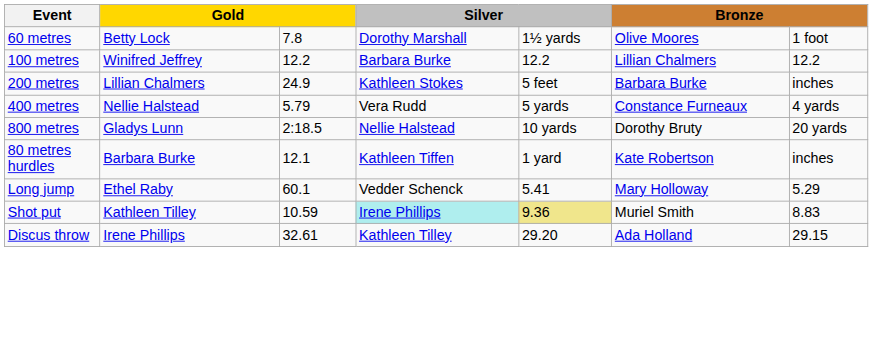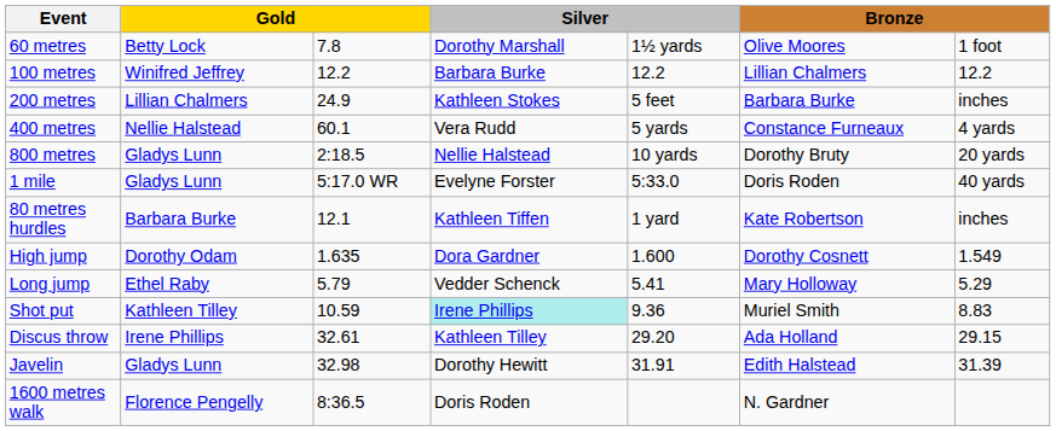 <table class="wikitable" style="text-align:left">
 <tr>
 <th width=100>Event</th>
 <th colspan="2" width="280" style="background:gold;">Gold</th>
 <th colspan="2" width="280" style="background:silver;">Silver</th>
 <th colspan="2" width="280" style="background:#CD7F32;">Bronze</th>
 </tr>
 <tr>
 <td><a href='#'>60 metres</a></td>
 <td><a href='#'>Betty Lock</a></td>
 <td>7.8</td>
 <td><a href='#'>Dorothy Marshall</a></td>
 <td>1½ yards</td>
 <td><a href='#'>Olive Moores</a></td>
 <td>1 foot</td>
 </tr>
 <tr>
 <td><a href='#'>100 metres</a></td>
 <td><a href='#'>Winifred Jeffrey</a></td>
 <td>12.2</td>
 <td> <a href='#'>Barbara Burke</a></td>
 <td>12.2</td>
 <td><a href='#'>Lillian Chalmers</a></td>
 <td>12.2</td>
 </tr>
 <tr>
 <td><a href='#'>200 metres</a></td>
 <td><a href='#'>Lillian Chalmers</a></td>
 <td>24.9</td>
 <td><a href='#'>Kathleen Stokes</a></td>
 <td>5 feet</td>
 <td> <a href='#'>Barbara Burke</a></td>
 <td>inches</td>
 </tr>
 <tr>
 <td><a href='#'>400 metres</a></td>
 <td><a href='#'>Nellie Halstead</a></td>
-<td>5.79</td>
+<td>60.1</td>
 <td>Vera Rudd</td>
 <td>5 yards</td>
 <td><a href='#'>Constance Furneaux</a></td>
 <td>4 yards</td>
 </tr>
 <tr>
 <td><a href='#'>800 metres</a></td>
 <td><a href='#'>Gladys Lunn</a></td>
 <td>2:18.5</td>
 <td><a href='#'>Nellie Halstead</a></td>
 <td>10 yards</td>
 <td>Dorothy Bruty</td>
 <td>20 yards</td>
 </tr>
 <tr>
+<td><a href='#'>1 mile</a></td>
+<td><a href='#'>Gladys Lunn</a></td>
+<td>5:17.0 WR</td>
+<td>Evelyne Forster</td>
+<td>5:33.0</td>
+<td>Doris Roden</td>
+<td>40 yards</td>
+</tr>
+<tr>
 <td><a href='#'>80 metres hurdles</a></td>
 <td> <a href='#'>Barbara Burke</a></td>
 <td>12.1</td>
 <td><a href='#'>Kathleen Tiffen</a></td>
 <td>1 yard</td>
 <td><a href='#'>Kate Robertson</a></td>
 <td>inches</td>
 </tr>
 <tr>
+<td><a href='#'>High jump</a></td>
+<td><a href='#'>Dorothy Odam</a></td>
+<td>1.635</td>
+<td><a href='#'>Dora Gardner</a></td>
+<td>1.600</td>
+<td><a href='#'>Dorothy Cosnett</a></td>
+<td>1.549</td>
+</tr>
+<tr>
 <td><a href='#'>Long jump</a></td>
 <td><a href='#'>Ethel Raby</a></td>
-<td>60.1</td>
+<td>5.79</td>
 <td>Vedder Schenck</td>
 <td>5.41</td>
 <td><a href='#'>Mary Holloway</a></td>
 <td>5.29</td>
 </tr>
 <tr>
 <td><a href='#'>Shot put</a></td>
 <td><a href='#'>Kathleen Tilley</a></td>
 <td>10.59</td>
 <td style="background: paleturquoise;"><a href='#'>Irene Phillips</a></td>
-<td style="background: khaki;">9.36</td>
+<td>9.36</td>
 <td>Muriel Smith</td>
 <td>8.83</td>
 </tr>
 <tr>
 <td><a href='#'>Discus throw</a></td>
 <td><a href='#'>Irene Phillips</a></td>
 <td>32.61</td>
 <td><a href='#'>Kathleen Tilley</a></td>
 <td>29.20</td>
 <td><a href='#'>Ada Holland</a></td>
 <td>29.15</td>
 </tr>
+<tr>
+<td><a href='#'>Javelin</a></td>
+<td><a href='#'>Gladys Lunn</a></td>
+<td>32.98</td>
+<td>Dorothy Hewitt</td>
+<td>31.91</td>
+<td><a href='#'>Edith Halstead</a></td>
+<td>31.39</td>
+</tr>
+<tr>
+<td><a href='#'>1600 metres walk</a></td>
+<td><a href='#'>Florence Pengelly</a></td>
+<td>8:36.5</td>
+<td>Doris Roden</td>
+<td></td>
+<td>N. Gardner</td>
+<td></td>
+</tr>
 </table>
